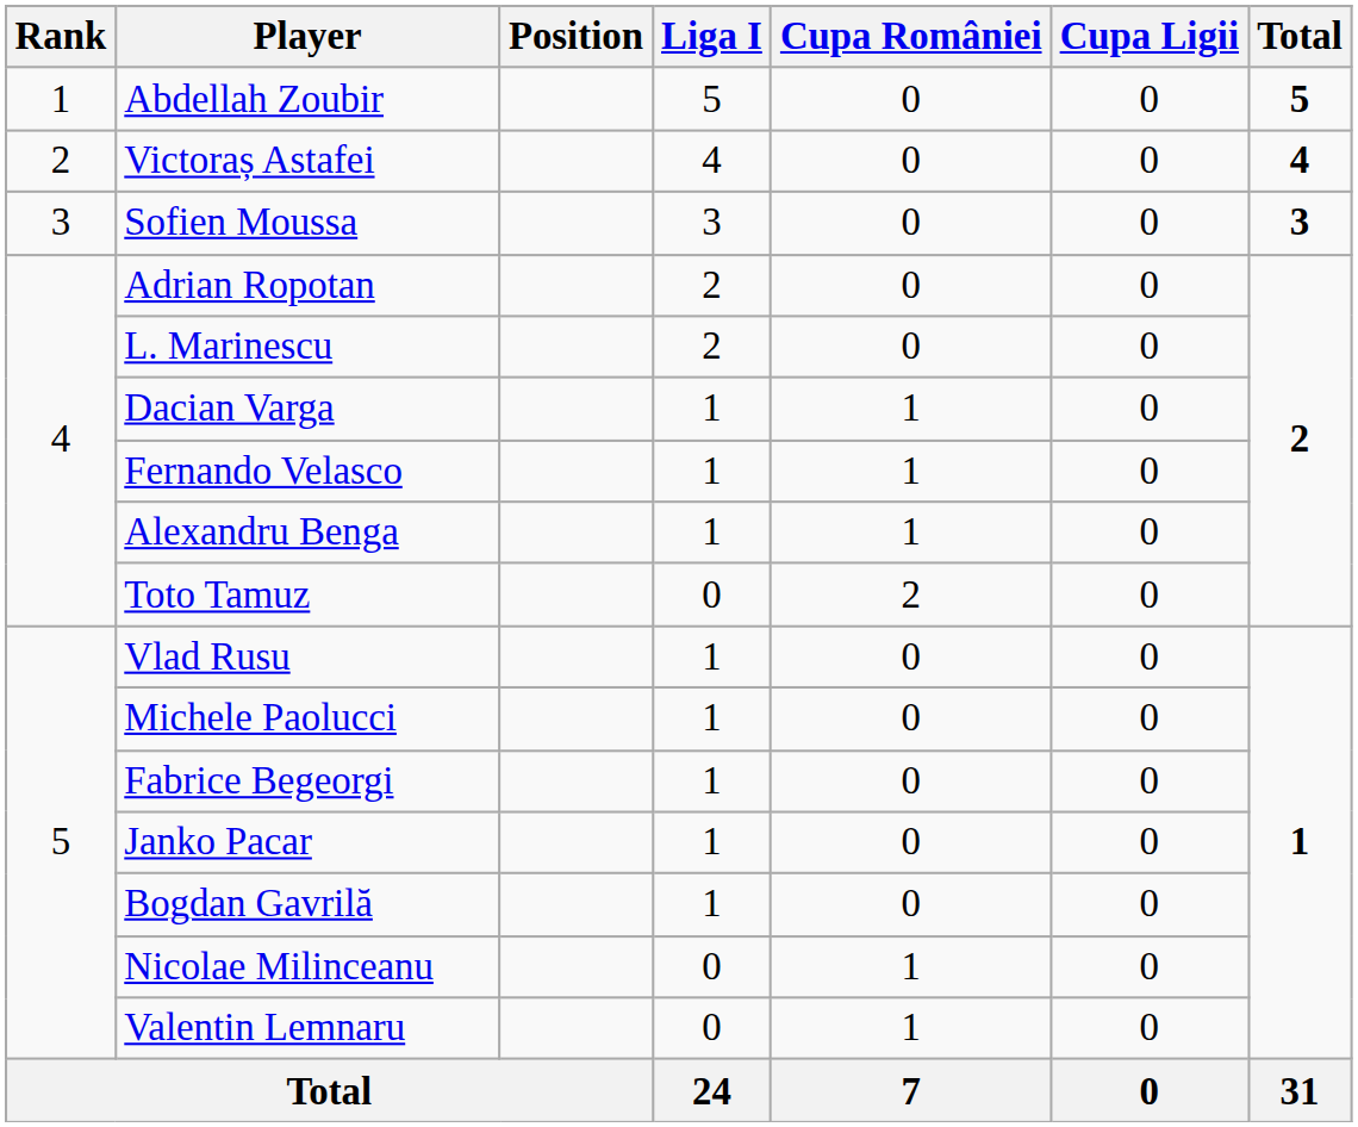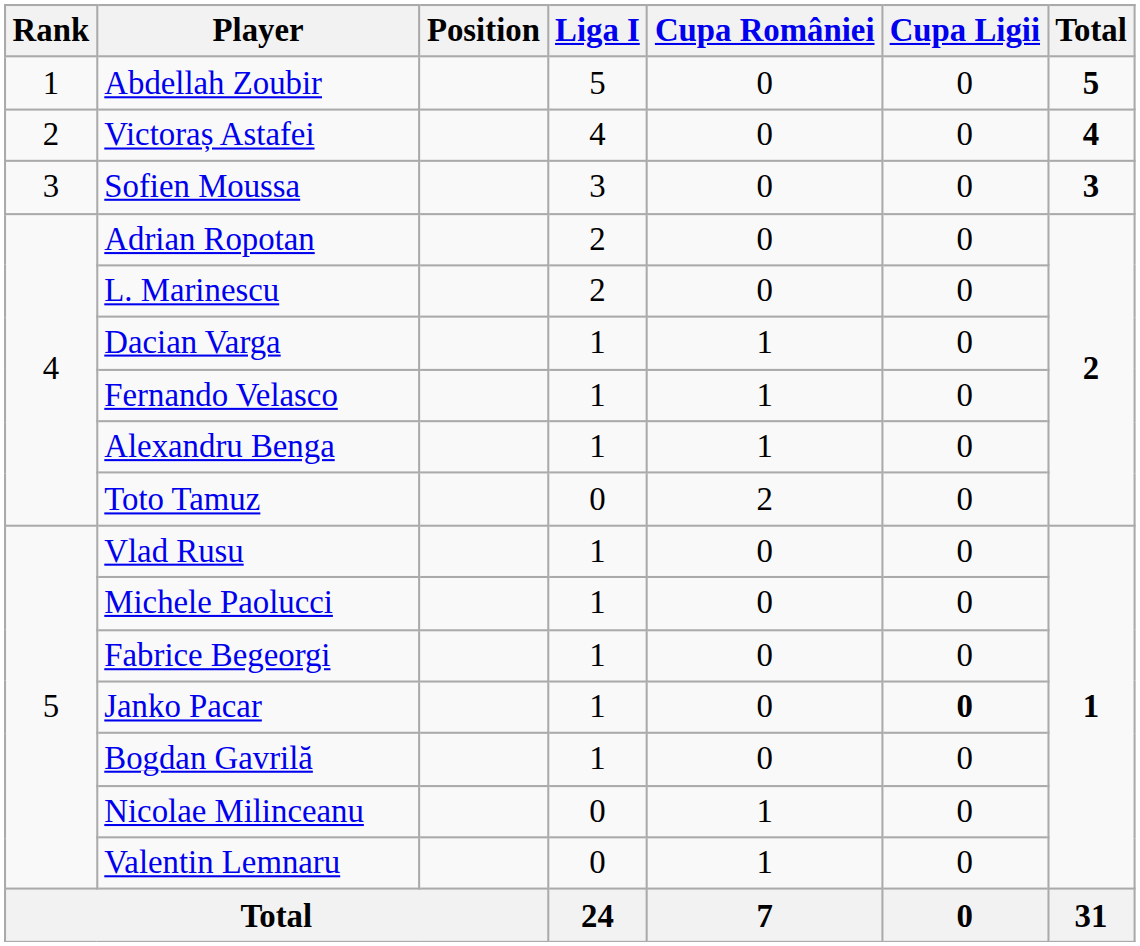 <table class="wikitable">
 <tr>
 <th>Rank</th>
 <th style="width:150px;">Player</th>
 <th>Position</th>
 <th><a href='#'>Liga I</a></th>
 <th><a href='#'>Cupa României</a></th>
 <th><a href='#'>Cupa Ligii</a></th>
 <th>Total</th>
 </tr>
 <tr>
 <td align=center rowspan=1>1</td>
 <td> <a href='#'>Abdellah Zoubir</a></td>
 <td align=center></td>
 <td align=center>5</td>
 <td align=center>0</td>
 <td align=center>0</td>
 <td align=center rowspan=1><strong>5</strong></td>
 </tr>
 <tr>
 <td align=center rowspan=1>2</td>
 <td> <a href='#'>Victoraș Astafei</a></td>
 <td align=center></td>
 <td align=center>4</td>
 <td align=center>0</td>
 <td align=center>0</td>
 <td align=center rowspan=1><strong>4</strong></td>
 </tr>
 <tr>
 <td align=center rowspan=1>3</td>
 <td> <a href='#'>Sofien Moussa</a></td>
 <td align=center></td>
 <td align=center>3</td>
 <td align=center>0</td>
 <td align=center>0</td>
 <td align=center rowspan=1><strong>3</strong></td>
 </tr>
 <tr>
 <td align=center rowspan=6>4</td>
 <td> <a href='#'>Adrian Ropotan</a></td>
 <td align=center></td>
 <td align=center>2</td>
 <td align=center>0</td>
 <td align=center>0</td>
 <td align=center rowspan=6><strong>2</strong></td>
 </tr>
 <tr>
 <td> <a href='#'>L. Marinescu</a></td>
 <td align=center></td>
 <td align=center>2</td>
 <td align=center>0</td>
 <td align=center>0</td>
 </tr>
 <tr>
 <td> <a href='#'>Dacian Varga</a></td>
 <td align=center></td>
 <td align=center>1</td>
 <td align=center>1</td>
 <td align=center>0</td>
 </tr>
 <tr>
 <td> <a href='#'>Fernando Velasco</a></td>
 <td align=center></td>
 <td align=center>1</td>
 <td align=center>1</td>
 <td align=center>0</td>
 </tr>
 <tr>
 <td> <a href='#'>Alexandru Benga</a></td>
 <td align=center></td>
 <td align=center>1</td>
 <td align=center>1</td>
 <td align=center>0</td>
 </tr>
 <tr>
 <td> <a href='#'>Toto Tamuz</a></td>
 <td align=center></td>
 <td align=center>0</td>
 <td align=center>2</td>
 <td align=center>0</td>
 </tr>
 <tr>
 <td align=center rowspan=7>5</td>
 <td> <a href='#'>Vlad Rusu</a></td>
 <td align=center></td>
 <td align=center>1</td>
 <td align=center>0</td>
 <td align=center>0</td>
 <td align=center rowspan=7><strong>1</strong></td>
 </tr>
 <tr>
 <td> <a href='#'>Michele Paolucci</a></td>
 <td align=center></td>
 <td align=center>1</td>
 <td align=center>0</td>
 <td align=center>0</td>
 </tr>
 <tr>
 <td> <a href='#'>Fabrice Begeorgi</a></td>
 <td align=center></td>
 <td align=center>1</td>
 <td align=center>0</td>
 <td align=center>0</td>
 </tr>
 <tr>
 <td> <a href='#'>Janko Pacar</a></td>
 <td align=center></td>
 <td align=center>1</td>
 <td align=center>0</td>
-<td align=center>0</td>
+<td align=center><strong>0</strong></td>
 </tr>
 <tr>
 <td> <a href='#'>Bogdan Gavrilă</a></td>
 <td align=center></td>
 <td align=center>1</td>
 <td align=center>0</td>
 <td align=center>0</td>
 </tr>
 <tr>
 <td> <a href='#'>Nicolae Milinceanu</a></td>
 <td align=center></td>
 <td align=center>0</td>
 <td align=center>1</td>
 <td align=center>0</td>
 </tr>
 <tr>
 <td> <a href='#'>Valentin Lemnaru</a></td>
 <td align=center></td>
 <td align=center>0</td>
 <td align=center>1</td>
 <td align=center>0</td>
 </tr>
 <tr>
 <th align=center colspan=3>Total</th>
 <th align=center>24</th>
 <th align=center>7</th>
 <th align=center>0</th>
 <th align=center>31</th>
 </tr>
 </table>
